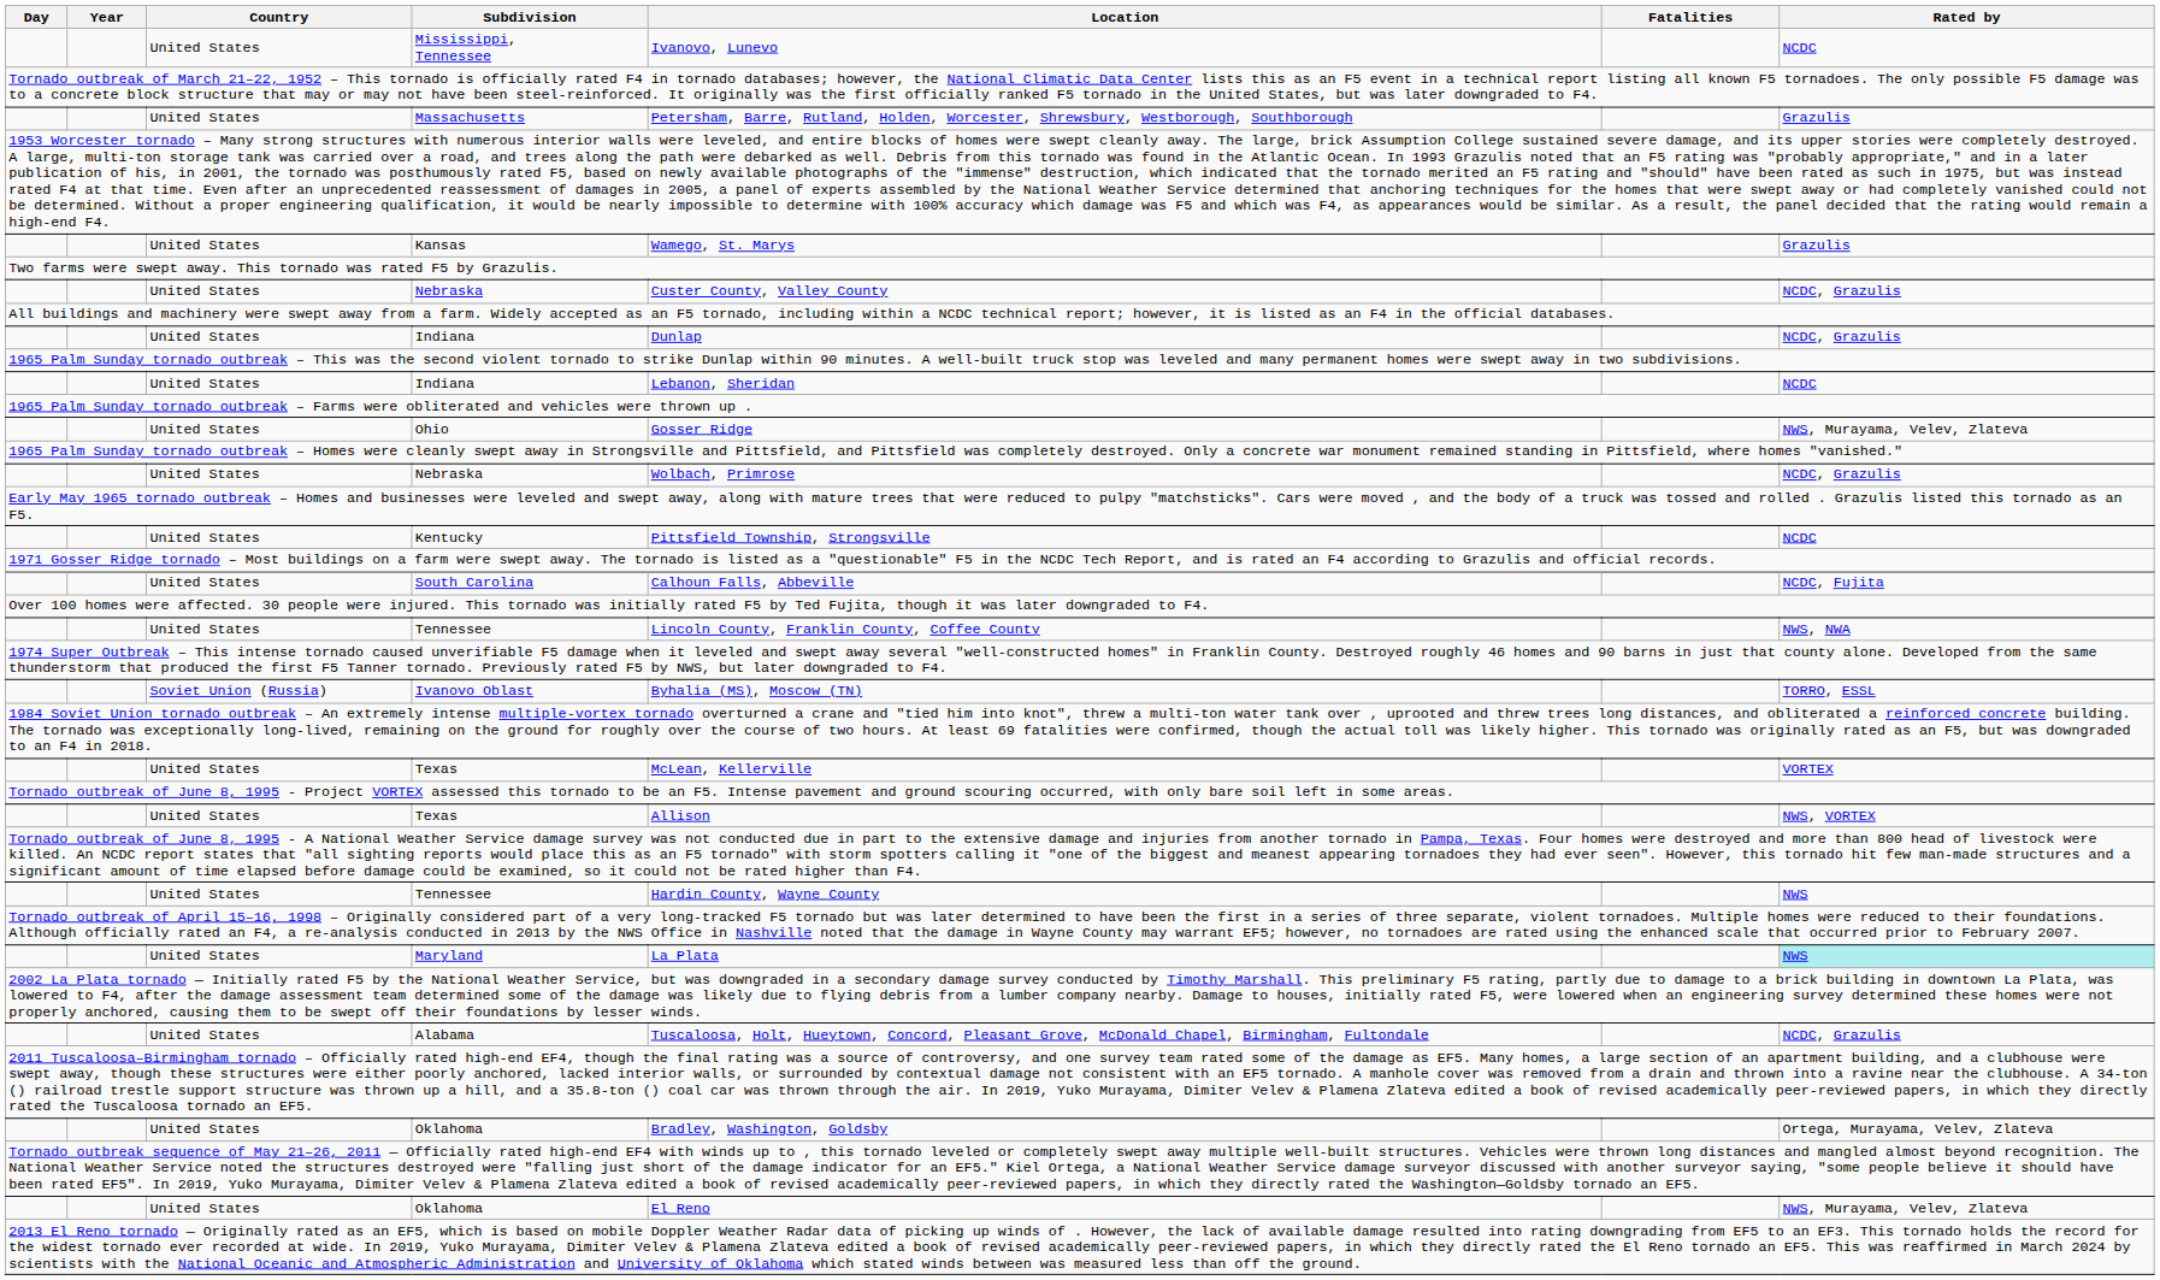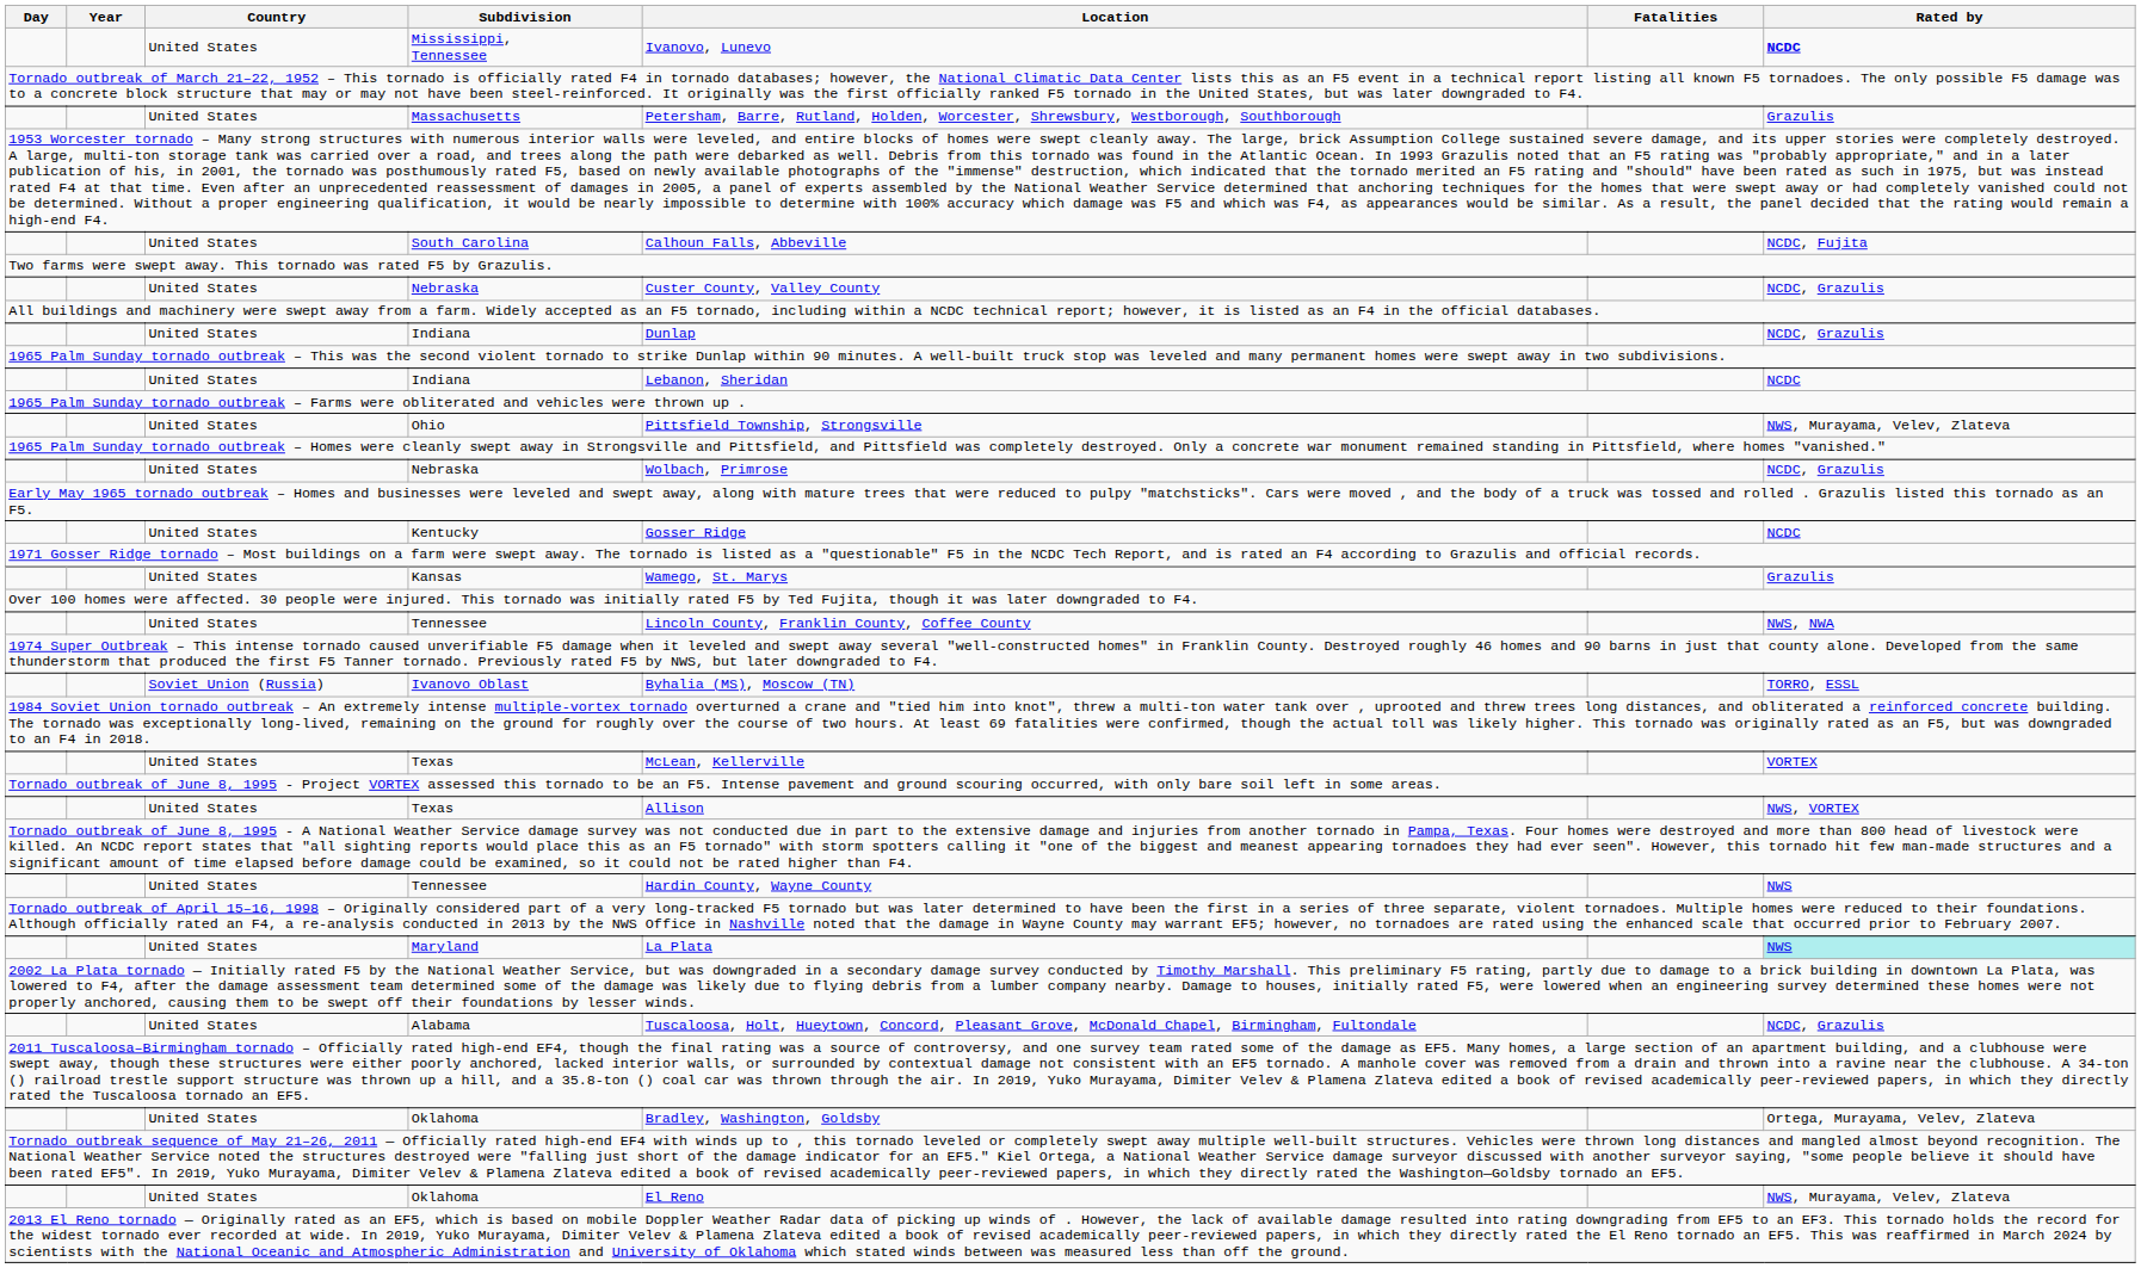 <table class="wikitable sortable" style="width:100%;">
 <tr>
 <th scope="col" align="center" class="unsortable">Day</th>
 <th scope="col" align="center" class="unsortable">Year</th>
 <th scope="col" align="center">Country</th>
 <th scope="col" align="center">Subdivision</th>
 <th scope="col" align="center">Location</th>
 <th scope="col" align="center">Fatalities</th>
 <th scope="col" align="center">Rated by</th>
 </tr>
 <tr id="1950">
 <td></td>
 <td></td>
 <td>United States</td>
 <td><a href='#'>Mississippi</a>,<br><a href='#'>Tennessee</a></td>
 <td><a href='#'>Ivanovo</a>, <a href='#'>Lunevo</a></td>
 <td></td>
-<td><a href='#'>NCDC</a></td>
+<td><strong><a href='#'>NCDC</a></strong></td>
 </tr>
 <tr class="expand-child">
 <td colspan="7" style=" border-bottom: 1px solid black;"><a href='#'>Tornado outbreak of March 21–22, 1952</a> – This tornado is officially rated F4 in tornado databases; however, the <a href='#'>National Climatic Data Center</a> lists this as an F5 event in a technical report listing all known F5 tornadoes. The only possible F5 damage was to a concrete block structure that may or may not have been steel-reinforced. It originally was the first officially ranked F5 tornado in the United States, but was later downgraded to F4.</td>
 </tr>
 <tr>
 <td></td>
 <td></td>
 <td>United States</td>
 <td><a href='#'>Massachusetts</a></td>
 <td><a href='#'>Petersham</a>, <a href='#'>Barre</a>, <a href='#'>Rutland</a>, <a href='#'>Holden</a>, <a href='#'>Worcester</a>, <a href='#'>Shrewsbury</a>, <a href='#'>Westborough</a>, <a href='#'>Southborough</a></td>
 <td></td>
 <td><a href='#'>Grazulis</a></td>
 </tr>
 <tr class="expand-child">
 <td colspan="7" style=" border-bottom: 1px solid black;"><a href='#'>1953 Worcester tornado</a> – Many strong structures with numerous interior walls were leveled, and entire blocks of homes were swept cleanly away. The large, brick Assumption College sustained severe damage, and its upper stories were completely destroyed. A large, multi-ton storage tank was carried over a road, and trees along the path were debarked as well. Debris from this tornado was found in the Atlantic Ocean. In 1993 Grazulis noted that an F5 rating was "probably appropriate," and in a later publication of his, in 2001, the tornado was posthumously rated F5, based on newly available photographs of the "immense" destruction, which indicated that the tornado merited an F5 rating and "should" have been rated as such in 1975, but was instead rated F4 at that time. Even after an unprecedented reassessment of damages in 2005, a panel of experts assembled by the National Weather Service determined that anchoring techniques for the homes that were swept away or had completely vanished could not be determined. Without a proper engineering qualification, it would be nearly impossible to determine with 100% accuracy which damage was F5 and which was F4, as appearances would be similar. As a result, the panel decided that the rating would remain a high-end F4.</td>
 </tr>
-<tr id="1960">
+<tr id="1970">
 <td></td>
 <td></td>
 <td>United States</td>
-<td>Kansas</td>
-<td><a href='#'>Wamego</a>, <a href='#'>St. Marys</a></td>
+<td><a href='#'>South Carolina</a></td>
+<td><a href='#'>Calhoun Falls</a>, <a href='#'>Abbeville</a></td>
 <td></td>
-<td><a href='#'>Grazulis</a></td>
+<td><a href='#'>NCDC</a>, <a href='#'>Fujita</a></td>
 </tr>
 <tr class="expand-child">
 <td colspan="7" style=" border-bottom: 1px solid black;">Two farms were swept away. This tornado was rated F5 by Grazulis.</td>
 </tr>
 <tr>
 <td></td>
 <td></td>
 <td>United States</td>
 <td><a href='#'>Nebraska</a></td>
 <td><a href='#'>Custer County</a>, <a href='#'>Valley County</a></td>
 <td></td>
 <td><a href='#'>NCDC</a>, <a href='#'>Grazulis</a></td>
 </tr>
 <tr class="expand-child">
 <td colspan="7" style=" border-bottom: 1px solid black;">All buildings and machinery were swept away from a farm. Widely accepted as an F5 tornado, including within a NCDC technical report; however, it is listed as an F4 in the official databases.</td>
 </tr>
 <tr>
 <td></td>
 <td></td>
 <td>United States</td>
 <td>Indiana</td>
 <td><a href='#'>Dunlap</a></td>
 <td></td>
 <td><a href='#'>NCDC</a>, <a href='#'>Grazulis</a></td>
 </tr>
 <tr class="expand-child">
 <td colspan="7" style=" border-bottom: 1px solid black;"><a href='#'>1965 Palm Sunday tornado outbreak</a> – This was the second violent tornado to strike Dunlap within 90 minutes. A well-built truck stop was leveled and many permanent homes were swept away in two subdivisions.</td>
 </tr>
 <tr>
 <td></td>
 <td></td>
 <td>United States</td>
 <td>Indiana</td>
 <td><a href='#'>Lebanon</a>, <a href='#'>Sheridan</a></td>
 <td></td>
 <td><a href='#'>NCDC</a></td>
 </tr>
 <tr class="expand-child">
 <td colspan="7" style=" border-bottom: 1px solid black;"><a href='#'>1965 Palm Sunday tornado outbreak</a> – Farms were obliterated and vehicles were thrown up .</td>
 </tr>
 <tr>
 <td></td>
 <td></td>
 <td>United States</td>
 <td>Ohio</td>
-<td><a href='#'>Gosser Ridge</a></td>
+<td><a href='#'>Pittsfield Township</a>, <a href='#'>Strongsville</a></td>
 <td></td>
 <td><a href='#'>NWS</a>, Murayama, Velev, Zlateva</td>
 </tr>
 <tr class="expand-child">
 <td colspan="7" style=" border-bottom: 1px solid black;"><a href='#'>1965 Palm Sunday tornado outbreak</a> – Homes were cleanly swept away in Strongsville and Pittsfield, and Pittsfield was completely destroyed. Only a concrete war monument remained standing in Pittsfield, where homes "vanished."</td>
 </tr>
 <tr>
 <td></td>
 <td></td>
 <td>United States</td>
 <td>Nebraska</td>
 <td><a href='#'>Wolbach</a>, <a href='#'>Primrose</a></td>
 <td></td>
 <td><a href='#'>NCDC</a>, <a href='#'>Grazulis</a></td>
 </tr>
 <tr class="expand-child">
 <td colspan="7" style=" border-bottom: 1px solid black;"><a href='#'>Early May 1965 tornado outbreak</a> – Homes and businesses were leveled and swept away, along with mature trees that were reduced to pulpy "matchsticks". Cars were moved , and the body of a truck was tossed and rolled . Grazulis listed this tornado as an F5.</td>
 </tr>
 <tr id="1970">
 <td></td>
 <td></td>
 <td>United States</td>
 <td>Kentucky</td>
-<td><a href='#'>Pittsfield Township</a>, <a href='#'>Strongsville</a></td>
+<td><a href='#'>Gosser Ridge</a></td>
 <td></td>
 <td><a href='#'>NCDC</a></td>
 </tr>
 <tr class="expand-child">
 <td colspan="7" style=" border-bottom: 1px solid black;"><a href='#'>1971 Gosser Ridge tornado</a> – Most buildings on a farm were swept away. The tornado is listed as a "questionable" F5 in the NCDC Tech Report, and is rated an F4 according to Grazulis and official records.</td>
 </tr>
 <tr>
 </tr>
-<tr id="1970">
+<tr id="1960">
 <td></td>
 <td></td>
 <td>United States</td>
-<td><a href='#'>South Carolina</a></td>
-<td><a href='#'>Calhoun Falls</a>, <a href='#'>Abbeville</a></td>
+<td>Kansas</td>
+<td><a href='#'>Wamego</a>, <a href='#'>St. Marys</a></td>
 <td></td>
-<td><a href='#'>NCDC</a>, <a href='#'>Fujita</a></td>
+<td><a href='#'>Grazulis</a></td>
 </tr>
 <tr class="expand-child">
 <td colspan="7" style=" border-bottom: 1px solid black;">Over 100 homes were affected. 30 people were injured. This tornado was initially rated F5 by Ted Fujita, though it was later downgraded to F4.</td>
 </tr>
 <tr>
 <td></td>
 <td></td>
 <td>United States</td>
 <td>Tennessee</td>
 <td><a href='#'>Lincoln County</a>, <a href='#'>Franklin County</a>, <a href='#'>Coffee County</a></td>
 <td></td>
 <td><a href='#'>NWS</a>, <a href='#'>NWA</a></td>
 </tr>
 <tr class="expand-child">
 <td colspan="7" style=" border-bottom: 1px solid black;"><a href='#'>1974 Super Outbreak</a> – This intense tornado caused unverifiable F5 damage when it leveled and swept away several "well-constructed homes" in Franklin County. Destroyed roughly 46 homes and 90 barns in just that county alone. Developed from the same thunderstorm that produced the first F5 Tanner tornado. Previously rated F5 by NWS, but later downgraded to F4.</td>
 </tr>
 <tr id="1980">
 <td></td>
 <td></td>
 <td><a href='#'>Soviet Union</a> (<a href='#'>Russia</a>)</td>
 <td><a href='#'>Ivanovo Oblast</a></td>
 <td><a href='#'>Byhalia (MS)</a>, <a href='#'>Moscow (TN)</a></td>
 <td></td>
 <td><a href='#'>TORRO</a>, <a href='#'>ESSL</a></td>
 </tr>
 <tr class="expand-child">
 <td colspan="7" style=" border-bottom: 1px solid black;"><a href='#'>1984 Soviet Union tornado outbreak</a> – An extremely intense <a href='#'>multiple-vortex tornado</a> overturned a crane and "tied him into knot", threw a multi-ton water tank over , uprooted and threw trees long distances, and obliterated a <a href='#'>reinforced concrete</a> building. The tornado was exceptionally long-lived, remaining on the ground for roughly  over the course of two hours. At least 69 fatalities were confirmed, though the actual toll was likely higher. This tornado was originally rated as an F5, but was downgraded to an F4 in 2018.</td>
 </tr>
 <tr id="1990">
 <td></td>
 <td></td>
 <td>United States</td>
 <td>Texas</td>
 <td><a href='#'>McLean</a>, <a href='#'>Kellerville</a></td>
 <td></td>
 <td><a href='#'>VORTEX</a></td>
 </tr>
 <tr class="expand-child">
 <td colspan="7" style=" border-bottom: 1px solid black;"><a href='#'>Tornado outbreak of June 8, 1995</a> - Project <a href='#'>VORTEX</a> assessed this tornado to be an F5. Intense pavement and ground scouring occurred, with only bare soil left in some areas.</td>
 </tr>
 <tr>
 <td></td>
 <td></td>
 <td>United States</td>
 <td>Texas</td>
 <td><a href='#'>Allison</a></td>
 <td></td>
 <td><a href='#'>NWS</a>, <a href='#'>VORTEX</a></td>
 </tr>
 <tr class="expand-child">
 <td colspan="7" style=" border-bottom: 1px solid black;"><a href='#'>Tornado outbreak of June 8, 1995</a> - A National Weather Service damage survey was not conducted due in part to the extensive damage and injuries from another tornado in <a href='#'>Pampa, Texas</a>. Four homes were destroyed and more than 800 head of livestock were killed. An NCDC report states that "all sighting reports would place this as an F5 tornado" with storm spotters calling it "one of the biggest and meanest appearing tornadoes they had ever seen". However, this tornado hit few man-made structures and a significant amount of time elapsed before damage could be examined, so it could not be rated higher than F4.</td>
 </tr>
 <tr>
 <td></td>
 <td></td>
 <td>United States</td>
 <td>Tennessee</td>
 <td><a href='#'>Hardin County</a>, <a href='#'>Wayne County</a></td>
 <td></td>
 <td><a href='#'>NWS</a></td>
 </tr>
 <tr class="expand-child">
 <td colspan="7" style=" border-bottom: 1px solid black;"><a href='#'>Tornado outbreak of April 15–16, 1998</a> – Originally considered part of a very long-tracked F5 tornado but was later determined to have been the first in a series of three separate, violent tornadoes. Multiple homes were reduced to their foundations. Although officially rated an F4, a re-analysis conducted in 2013 by the NWS Office in <a href='#'>Nashville</a> noted that the damage in Wayne County may warrant EF5; however, no tornadoes are rated using the enhanced scale that occurred prior to February 2007.</td>
 </tr>
 <tr id="2000">
 <td></td>
 <td></td>
 <td>United States</td>
 <td><a href='#'>Maryland</a></td>
 <td><a href='#'>La Plata</a></td>
 <td></td>
 <td style="background: paleturquoise;"><a href='#'>NWS</a></td>
 </tr>
 <tr class="expand-child">
 <td colspan="7" style=" border-bottom: 1px solid black;"><a href='#'>2002 La Plata tornado</a> — Initially rated F5 by the National Weather Service, but was downgraded in a secondary damage survey conducted by <a href='#'>Timothy Marshall</a>. This preliminary F5 rating, partly due to damage to a brick building in downtown La Plata, was lowered to F4, after the damage assessment team determined some of the damage was likely due to flying debris from a lumber company nearby. Damage to houses, initially rated F5, were lowered when an engineering survey determined these homes were not properly anchored, causing them to be swept off their foundations by lesser winds.</td>
 </tr>
 <tr id="2010">
 <td></td>
 <td></td>
 <td>United States</td>
 <td>Alabama</td>
 <td><a href='#'>Tuscaloosa</a>, <a href='#'>Holt</a>, <a href='#'>Hueytown</a>, <a href='#'>Concord</a>, <a href='#'>Pleasant Grove</a>, <a href='#'>McDonald Chapel</a>, <a href='#'>Birmingham</a>, <a href='#'>Fultondale</a></td>
 <td></td>
 <td><a href='#'>NCDC</a>, <a href='#'>Grazulis</a></td>
 </tr>
 <tr class="expand-child">
 <td colspan="7" style=" border-bottom: 1px solid black;"><a href='#'>2011 Tuscaloosa–Birmingham tornado</a> – Officially rated high-end EF4, though the final rating was a source of controversy, and one survey team rated some of the damage as EF5. Many homes, a large section of an apartment building, and a clubhouse were swept away, though these structures were either poorly anchored, lacked interior walls, or surrounded by contextual damage not consistent with an EF5 tornado. A manhole cover was removed from a drain and thrown into a ravine near the clubhouse. A 34-ton () railroad trestle support structure was thrown  up a hill, and a 35.8-ton () coal car was thrown  through the air. In 2019, Yuko Murayama, Dimiter Velev & Plamena Zlateva edited a book of revised academically peer-reviewed papers, in which they directly rated the Tuscaloosa tornado an EF5.</td>
 </tr>
 <tr>
 <td></td>
 <td></td>
 <td>United States</td>
 <td>Oklahoma</td>
 <td><a href='#'>Bradley</a>, <a href='#'>Washington</a>, <a href='#'>Goldsby</a></td>
 <td></td>
 <td>Ortega, Murayama, Velev, Zlateva</td>
 </tr>
 <tr class="expand-child">
 <td colspan="7" style=" border-bottom: 1px solid black;"><a href='#'>Tornado outbreak sequence of May 21–26, 2011</a> — Officially rated high-end EF4 with winds up to , this tornado leveled or completely swept away multiple well-built structures. Vehicles were thrown long distances and mangled almost beyond recognition. The National Weather Service noted the structures destroyed were "falling just short of the damage indicator for an EF5." Kiel Ortega, a National Weather Service damage surveyor discussed with another surveyor saying, "some people believe it should have been rated EF5". In 2019, Yuko Murayama, Dimiter Velev & Plamena Zlateva edited a book of revised academically peer-reviewed papers, in which they directly rated the Washington—Goldsby tornado an EF5.</td>
 </tr>
 <tr>
 <td></td>
 <td></td>
 <td>United States</td>
 <td>Oklahoma</td>
 <td><a href='#'>El Reno</a></td>
 <td></td>
 <td><a href='#'>NWS</a>, Murayama, Velev, Zlateva</td>
 </tr>
 <tr class="expand-child">
 <td colspan="7" style=" border-bottom: 1px solid black;"><a href='#'>2013 El Reno tornado</a> — Originally rated as an EF5, which is based on mobile Doppler Weather Radar data of picking up winds of . However, the lack of available damage resulted into rating downgrading from EF5 to an EF3. This tornado holds the record for the widest tornado ever recorded at  wide. In 2019, Yuko Murayama, Dimiter Velev & Plamena Zlateva edited a book of revised academically peer-reviewed papers, in which they directly rated the El Reno tornado an EF5. This was reaffirmed in March 2024 by scientists with the <a href='#'>National Oceanic and Atmospheric Administration</a> and <a href='#'>University of Oklahoma</a> which stated winds between  was measured less than  off the ground.</td>
 </tr>
 </table>
